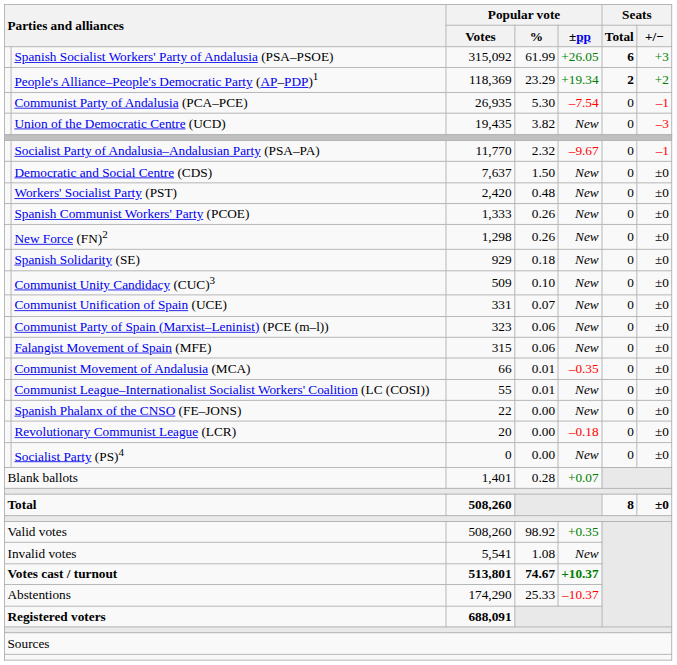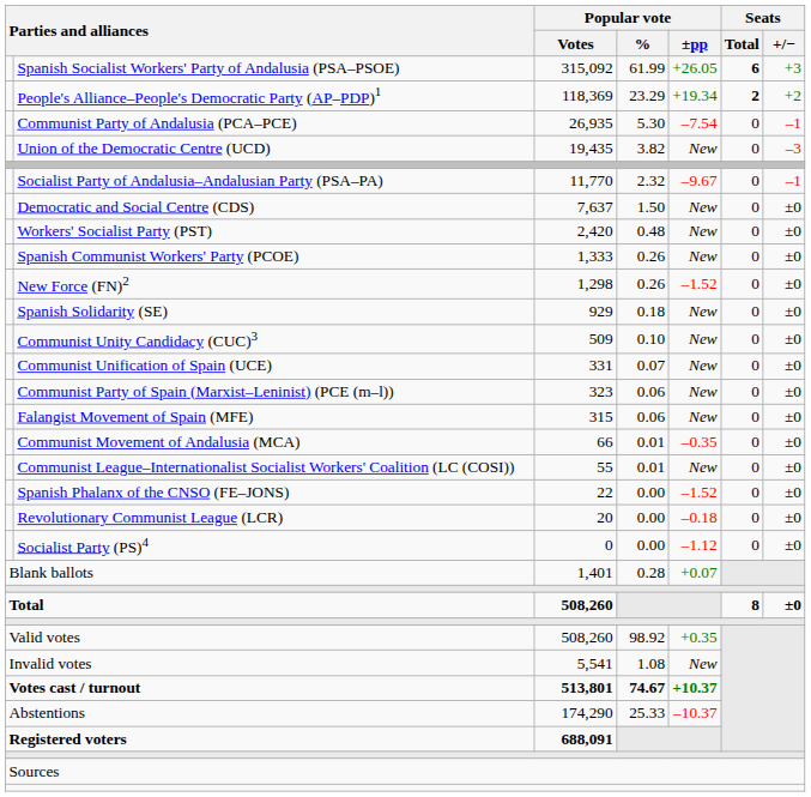 <table class="wikitable" style="text-align:right;">
 <tr>
 <th style="text-align:left;" rowspan="2" colspan="2" width="525">Parties and alliances</th>
 <th colspan="3">Popular vote</th>
 <th colspan="2">Seats</th>
 </tr>
 <tr>
 <th width="75">Votes</th>
 <th width="45">%</th>
 <th width="45">±<a href='#'>pp</a></th>
 <th width="35">Total</th>
 <th width="35">+/−</th>
 </tr>
 <tr>
 <td width="1" style="color:inherit;background:"></td>
 <td align="left"><a href='#'>Spanish Socialist Workers' Party of Andalusia</a> (PSA–PSOE)</td>
 <td>315,092</td>
 <td>61.99</td>
 <td style="color:green;">+26.05</td>
 <td><strong>6</strong></td>
 <td style="color:green;">+3</td>
 </tr>
 <tr>
 <td style="color:inherit;background:"></td>
 <td align="left"><a href='#'>People's Alliance–People's Democratic Party</a> (<a href='#'>AP</a>–<a href='#'>PDP</a>)<sup>1</sup></td>
 <td>118,369</td>
 <td>23.29</td>
 <td style="color:green;">+19.34</td>
 <td><strong>2</strong></td>
 <td style="color:green;">+2</td>
 </tr>
 <tr>
 <td style="color:inherit;background:"></td>
 <td align="left"><a href='#'>Communist Party of Andalusia</a> (PCA–PCE)</td>
 <td>26,935</td>
 <td>5.30</td>
 <td style="color:red;">–7.54</td>
 <td>0</td>
 <td style="color:red;">–1</td>
 </tr>
 <tr>
 <td style="color:inherit;background:"></td>
 <td align="left"><a href='#'>Union of the Democratic Centre</a> (UCD)</td>
 <td>19,435</td>
 <td>3.82</td>
 <td><em>New</em></td>
 <td>0</td>
 <td style="color:red;">–3</td>
 </tr>
 <tr>
 <td colspan="7" bgcolor="#C0C0C0"></td>
 </tr>
 <tr>
 <td style="color:inherit;background:"></td>
 <td align="left"><a href='#'>Socialist Party of Andalusia–Andalusian Party</a> (PSA–PA)</td>
 <td>11,770</td>
 <td>2.32</td>
 <td style="color:red;">–9.67</td>
 <td>0</td>
 <td style="color:red;">–1</td>
 </tr>
 <tr>
 <td style="color:inherit;background:"></td>
 <td align="left"><a href='#'>Democratic and Social Centre</a> (CDS)</td>
 <td>7,637</td>
 <td>1.50</td>
 <td><em>New</em></td>
 <td>0</td>
 <td>±0</td>
 </tr>
 <tr>
 <td style="color:inherit;background:"></td>
 <td align="left"><a href='#'>Workers' Socialist Party</a> (PST)</td>
 <td>2,420</td>
 <td>0.48</td>
 <td><em>New</em></td>
 <td>0</td>
 <td>±0</td>
 </tr>
 <tr>
 <td style="color:inherit;background:"></td>
 <td align="left"><a href='#'>Spanish Communist Workers' Party</a> (PCOE)</td>
 <td>1,333</td>
 <td>0.26</td>
 <td><em>New</em></td>
 <td>0</td>
 <td>±0</td>
 </tr>
 <tr>
 <td style="color:inherit;background:"></td>
 <td align="left"><a href='#'>New Force</a> (FN)<sup>2</sup></td>
 <td>1,298</td>
 <td>0.26</td>
-<td><em>New</em></td>
+<td style="color:red;">–1.52</td>
 <td>0</td>
 <td>±0</td>
 </tr>
 <tr>
 <td style="color:inherit;background:"></td>
 <td align="left"><a href='#'>Spanish Solidarity</a> (SE)</td>
 <td>929</td>
 <td>0.18</td>
 <td><em>New</em></td>
 <td>0</td>
 <td>±0</td>
 </tr>
 <tr>
 <td style="color:inherit;background:"></td>
 <td align="left"><a href='#'>Communist Unity Candidacy</a> (CUC)<sup>3</sup></td>
 <td>509</td>
 <td>0.10</td>
 <td><em>New</em></td>
 <td>0</td>
 <td>±0</td>
 </tr>
 <tr>
 <td style="color:inherit;background:"></td>
 <td align="left"><a href='#'>Communist Unification of Spain</a> (UCE)</td>
 <td>331</td>
 <td>0.07</td>
 <td><em>New</em></td>
 <td>0</td>
 <td>±0</td>
 </tr>
 <tr>
 <td style="color:inherit;background:"></td>
 <td align="left"><a href='#'>Communist Party of Spain (Marxist–Leninist)</a> (PCE (m–l))</td>
 <td>323</td>
 <td>0.06</td>
 <td><em>New</em></td>
 <td>0</td>
 <td>±0</td>
 </tr>
 <tr>
 <td style="color:inherit;background:"></td>
 <td align="left"><a href='#'>Falangist Movement of Spain</a> (MFE)</td>
 <td>315</td>
 <td>0.06</td>
 <td><em>New</em></td>
 <td>0</td>
 <td>±0</td>
 </tr>
 <tr>
 <td style="color:inherit;background:"></td>
 <td align="left"><a href='#'>Communist Movement of Andalusia</a> (MCA)</td>
 <td>66</td>
 <td>0.01</td>
 <td style="color:red;">–0.35</td>
 <td>0</td>
 <td>±0</td>
 </tr>
 <tr>
 <td style="color:inherit;background:"></td>
 <td align="left"><a href='#'>Communist League–Internationalist Socialist Workers' Coalition</a> (LC (COSI))</td>
 <td>55</td>
 <td>0.01</td>
 <td><em>New</em></td>
 <td>0</td>
 <td>±0</td>
 </tr>
 <tr>
 <td style="color:inherit;background:"></td>
 <td align="left"><a href='#'>Spanish Phalanx of the CNSO</a> (FE–JONS)</td>
 <td>22</td>
 <td>0.00</td>
-<td><em>New</em></td>
+<td style="color:red;">–1.52</td>
 <td>0</td>
 <td>±0</td>
 </tr>
 <tr>
 <td style="color:inherit;background:"></td>
 <td align="left"><a href='#'>Revolutionary Communist League</a> (LCR)</td>
 <td>20</td>
 <td>0.00</td>
 <td style="color:red;">–0.18</td>
 <td>0</td>
 <td>±0</td>
 </tr>
 <tr>
 <td style="color:inherit;background:"></td>
 <td align="left"><a href='#'>Socialist Party</a> (PS)<sup>4</sup></td>
 <td>0</td>
 <td>0.00</td>
-<td><em>New</em></td>
+<td style="color:red;">–1.12</td>
 <td>0</td>
 <td>±0</td>
 </tr>
 <tr>
 <td align="left" colspan="2">Blank ballots</td>
 <td>1,401</td>
 <td>0.28</td>
 <td style="color:green;">+0.07</td>
 <td bgcolor="#E9E9E9" colspan="2"></td>
 </tr>
 <tr>
 <td colspan="7" bgcolor="#E9E9E9"></td>
 </tr>
 <tr style="font-weight:bold;">
 <td align="left" colspan="2">Total</td>
 <td>508,260</td>
 <td bgcolor="#E9E9E9" colspan="2"></td>
 <td>8</td>
 <td>±0</td>
 </tr>
 <tr>
 <td colspan="7" bgcolor="#E9E9E9"></td>
 </tr>
 <tr>
 <td align="left" colspan="2">Valid votes</td>
 <td>508,260</td>
 <td>98.92</td>
 <td style="color:green;">+0.35</td>
 <td bgcolor="#E9E9E9" colspan="2" rowspan="5"></td>
 </tr>
 <tr>
 <td align="left" colspan="2">Invalid votes</td>
 <td>5,541</td>
 <td>1.08</td>
 <td><em>New</em></td>
 </tr>
 <tr style="font-weight:bold;">
 <td align="left" colspan="2">Votes cast / turnout</td>
 <td>513,801</td>
 <td>74.67</td>
 <td style="color:green;">+10.37</td>
 </tr>
 <tr>
 <td align="left" colspan="2">Abstentions</td>
 <td>174,290</td>
 <td>25.33</td>
 <td style="color:red;">–10.37</td>
 </tr>
 <tr style="font-weight:bold;">
 <td align="left" colspan="2">Registered voters</td>
 <td>688,091</td>
 <td bgcolor="#E9E9E9" colspan="2"></td>
 </tr>
 <tr>
 <td colspan="7" bgcolor="#E9E9E9"></td>
 </tr>
 <tr>
 <td align="left" colspan="7">Sources</td>
 </tr>
 <tr>
 <td colspan="7" style="text-align:left; max-width:790px;"></td>
 </tr>
 </table>
